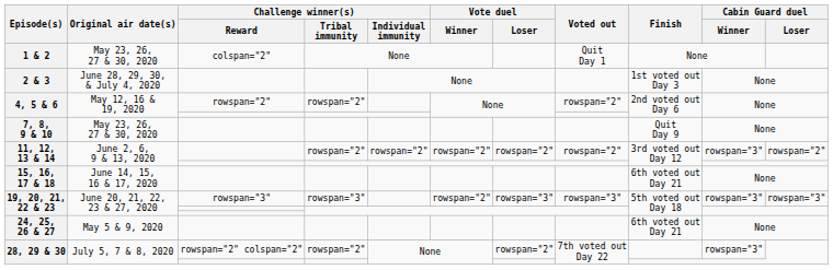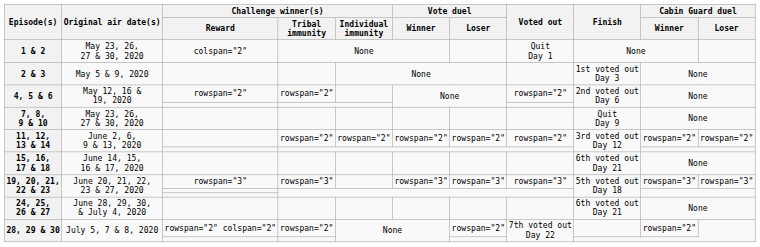 <table class="wikitable plainrowheaders nowrap" style="margin:auto; text-align:center">
 <tr>
 <th scope="col" rowspan="2">Episode(s)</th>
 <th scope="col" rowspan="2">Original air date(s)</th>
 <th scope="col" colspan="3">Challenge winner(s)</th>
 <th scope="col" colspan="2">Vote duel</th>
 <th scope="col" rowspan="2">Voted out</th>
 <th scope="col" rowspan="2">Finish</th>
 <th scope="col" colspan="2">Cabin Guard duel</th>
 </tr>
 <tr>
 <th scope="col">Reward</th>
 <th scope="col">Tribal<br>immunity</th>
 <th scope="col">Individual<br>immunity</th>
 <th scope="col">Winner</th>
 <th scope="col">Loser</th>
 <th scope="col">Winner</th>
 <th scope="col">Loser</th>
 </tr>
 <tr>
 <th>1 & 2</th>
 <td>May 23, 26,<br>27 & 30, 2020</td>
 <td>colspan="2" </td>
 <td colspan="3">None</td>
 <td></td>
 <td>Quit<br>Day 1</td>
 <td colspan="2">None</td>
 </tr>
 <tr>
 <th>2 & 3</th>
-<td>June 28, 29, 30,<br>& July 4, 2020</td>
+<td>May 5 & 9, 2020</td>
 <td></td>
 <td></td>
 <td colspan="3">None</td>
 <td></td>
 <td>1st voted out<br>Day 3</td>
 <td colspan="2">None</td>
 </tr>
 <tr>
 <th rowspan="2">4, 5 & 6</th>
 <td rowspan="2">May 12, 16 &<br>19, 2020</td>
 <td>rowspan="2" </td>
 <td>rowspan="2" </td>
 <td></td>
 <td rowspan="2" colspan="2">None</td>
 <td>rowspan="2" </td>
 <td rowspan="2">2nd voted out<br>Day 6</td>
 <td rowspan="2" colspan="2">None</td>
 </tr>
 <tr>
 <td></td>
 </tr>
 <tr>
 <th>7, 8,<br>9 & 10</th>
 <td>May 23, 26,<br>27 & 30, 2020</td>
 <td></td>
 <td></td>
 <td></td>
 <td></td>
 <td></td>
 <td></td>
 <td>Quit<br>Day 9</td>
 <td colspan="2">None</td>
 </tr>
 <tr>
 <th rowspan="2">11, 12,<br>13 & 14</th>
 <td rowspan="2">June 2, 6,<br>9 & 13, 2020</td>
 <td></td>
 <td>rowspan="2" </td>
 <td>rowspan="2" </td>
 <td>rowspan="2" </td>
 <td>rowspan="2" </td>
 <td>rowspan="2" </td>
 <td rowspan="2">3rd voted out<br>Day 12</td>
-<td>rowspan="3" </td>
+<td>rowspan="2" </td>
 <td>rowspan="2" </td>
 </tr>
 <tr>
 <td></td>
 </tr>
 <tr>
 <th>15, 16,<br>17 & 18</th>
 <td>June 14, 15,<br>16 & 17, 2020</td>
 <td></td>
 <td></td>
 <td></td>
 <td></td>
 <td></td>
 <td></td>
 <td>6th voted out<br>Day 21</td>
 <td colspan="2">None</td>
 </tr>
 <tr>
 <th rowspan="3">19, 20, 21,<br>22 & 23</th>
 <td rowspan="3">June 20, 21, 22,<br>23 & 27, 2020</td>
 <td>rowspan="3" </td>
 <td>rowspan="3" </td>
 <td></td>
-<td>rowspan="2" </td>
+<td>rowspan="3" </td>
 <td>rowspan="3" </td>
 <td>rowspan="3" </td>
 <td rowspan="3">5th voted out<br>Day 18</td>
 <td>rowspan="3" </td>
 <td>rowspan="3" </td>
 </tr>
 <tr>
 <td></td>
 </tr>
 <tr>
 <td></td>
 </tr>
 <tr>
 <th>24, 25,<br>26 & 27</th>
-<td>May 5 & 9, 2020</td>
+<td>June 28, 29, 30,<br>& July 4, 2020</td>
 <td></td>
 <td></td>
 <td></td>
 <td></td>
 <td></td>
 <td></td>
 <td>6th voted out<br>Day 21</td>
 <td colspan="2">None</td>
 </tr>
 <tr>
 <th rowspan="2">28, 29 & 30</th>
 <td rowspan="2">July 5, 7 & 8, 2020</td>
 <td>rowspan="2" colspan="2" </td>
 <td>rowspan="2" </td>
 <td rowspan="2" colspan="2">None</td>
 <td>rowspan="2" </td>
 <td rowspan="2">7th voted out<br>Day 22</td>
 <td></td>
-<td>rowspan="3" </td>
+<td>rowspan="2" </td>
 </tr>
 <tr>
 <td></td>
 </tr>
 </table>
